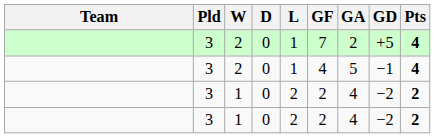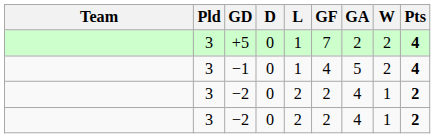 <table class="wikitable" style="text-align:center;">
 <tr>
 <th width=180>Team</th>
 <th width=20>Pld</th>
-<th width=20>W</th>
+<th width=20>GD</th>
 <th width=20>D</th>
 <th width=20>L</th>
 <th width=20>GF</th>
 <th width=20>GA</th>
-<th width=20>GD</th>
+<th width=20>W</th>
 <th width=20>Pts</th>
 </tr>
 <tr bgcolor="ccffcc">
 <td align="left"></td>
 <td>3</td>
-<td>2</td>
+<td>+5</td>
 <td>0</td>
 <td>1</td>
 <td>7</td>
 <td>2</td>
-<td>+5</td>
+<td>2</td>
 <td><strong>4</strong></td>
 </tr>
 <tr>
 <td align="left"></td>
 <td>3</td>
-<td>2</td>
+<td>−1</td>
 <td>0</td>
 <td>1</td>
 <td>4</td>
 <td>5</td>
-<td>−1</td>
+<td>2</td>
 <td><strong>4</strong></td>
 </tr>
 <tr>
 <td align="left"></td>
 <td>3</td>
-<td>1</td>
+<td>−2</td>
 <td>0</td>
 <td>2</td>
 <td>2</td>
 <td>4</td>
-<td>−2</td>
+<td>1</td>
 <td><strong>2</strong></td>
 </tr>
 <tr>
 <td align="left"></td>
 <td>3</td>
-<td>1</td>
+<td>−2</td>
 <td>0</td>
 <td>2</td>
 <td>2</td>
 <td>4</td>
-<td>−2</td>
+<td>1</td>
 <td><strong>2</strong></td>
 </tr>
 </table>
